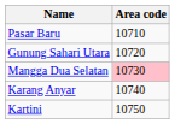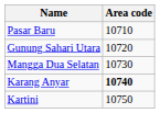 <table class=wikitable>
 <tr>
 <th>Name</th>
 <th>Area code</th>
 </tr>
 <tr>
 <td><a href='#'>Pasar Baru</a></td>
 <td>10710</td>
 </tr>
 <tr>
 <td><a href='#'>Gunung Sahari Utara</a></td>
 <td>10720</td>
 </tr>
 <tr>
 <td><a href='#'>Mangga Dua Selatan</a></td>
-<td style="background: pink;">10730</td>
+<td>10730</td>
 </tr>
 <tr>
 <td><a href='#'>Karang Anyar</a></td>
-<td>10740</td>
+<td><strong>10740</strong></td>
 </tr>
 <tr>
 <td><a href='#'>Kartini</a></td>
 <td>10750</td>
 </tr>
 </table>
